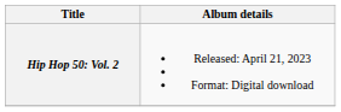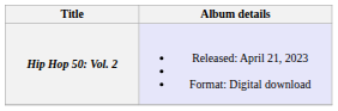 <table class="wikitable plainrowheaders" style="text-align:center;">
 <tr>
 <th scope="col" style="width:11em;">Title</th>
 <th scope="col" style="width:16em;">Album details</th>
 </tr>
 <tr>
 <th scope="row"><em>Hip Hop 50: Vol. 2</em></th>
-<td><br><ul><li>Released: April 21, 2023</li><li></li><li>Format: Digital download</li></ul></td>
+<td style="background: lavender;"><br><ul><li>Released: April 21, 2023</li><li></li><li>Format: Digital download</li></ul></td>
 </tr>
 <tr>
 </tr>
 </table>
